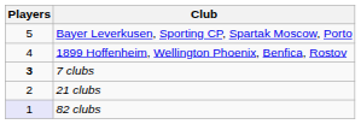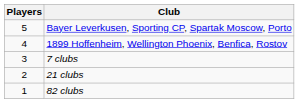 <table class="wikitable">
 <tr>
 <th>Players</th>
 <th>Club</th>
 </tr>
 <tr>
 <td style="text-align:center;">5</td>
 <td> <a href='#'>Bayer Leverkusen</a>,  <a href='#'>Sporting CP</a>,  <a href='#'>Spartak Moscow</a>,  <a href='#'>Porto</a></td>
 </tr>
 <tr>
 <td style="text-align:center;">4</td>
 <td> <a href='#'>1899 Hoffenheim</a>,  <a href='#'>Wellington Phoenix</a>,  <a href='#'>Benfica</a>,  <a href='#'>Rostov</a></td>
 </tr>
 <tr>
-<td style="text-align:center;"><strong>3</strong></td>
+<td style="text-align:center;">3</td>
 <td><em>7 clubs</em></td>
 </tr>
 <tr>
 <td style="text-align:center;">2</td>
 <td><em>21 clubs</em></td>
 </tr>
 <tr>
-<td style="background: lavender; text-align:center;">1</td>
+<td style="text-align:center;">1</td>
 <td><em>82 clubs</em></td>
 </tr>
 </table>
